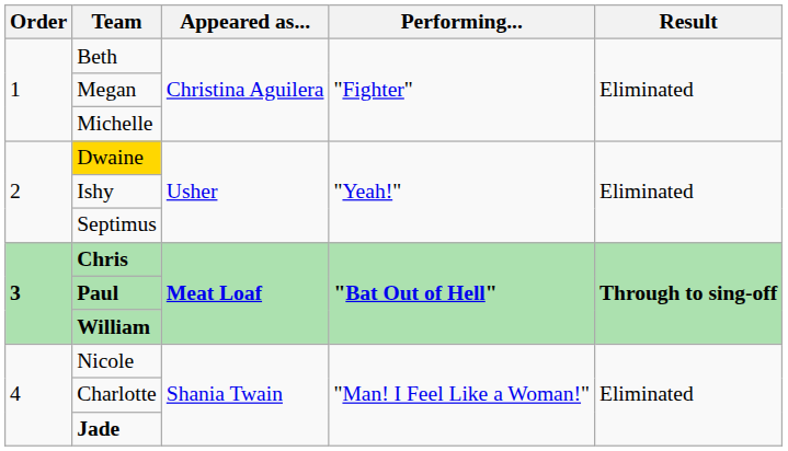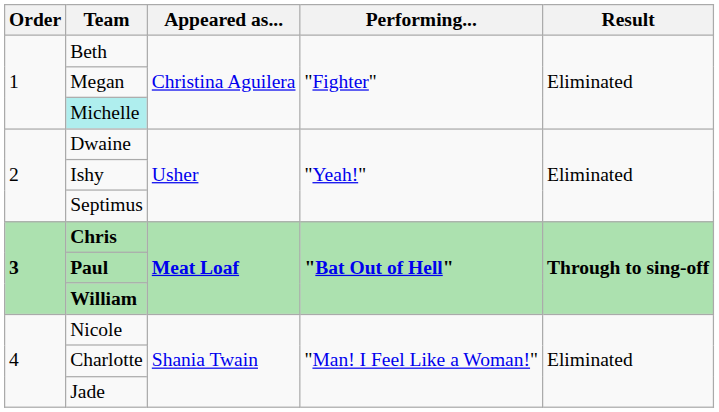 <table class="wikitable">
 <tr>
 <th>Order</th>
 <th>Team</th>
 <th>Appeared as...</th>
 <th>Performing...</th>
 <th>Result</th>
 </tr>
 <tr>
 <td rowspan="3">1</td>
 <td>Beth</td>
 <td rowspan="3"><a href='#'>Christina Aguilera</a></td>
 <td rowspan="3">"<a href='#'>Fighter</a>"</td>
 <td rowspan="3">Eliminated</td>
 </tr>
 <tr>
 <td>Megan</td>
 </tr>
 <tr>
-<td>Michelle</td>
+<td style="background: paleturquoise;">Michelle</td>
 </tr>
 <tr>
 <td rowspan="3">2</td>
-<td style="background: gold;">Dwaine</td>
+<td>Dwaine</td>
 <td rowspan="3"><a href='#'>Usher</a></td>
 <td rowspan="3">"<a href='#'>Yeah!</a>"</td>
 <td rowspan="3">Eliminated</td>
 </tr>
 <tr>
 <td>Ishy</td>
 </tr>
 <tr>
 <td>Septimus</td>
 </tr>
 <tr style="background:#ACE1AF;">
 <td rowspan="3"><strong>3</strong></td>
 <td><strong>Chris</strong></td>
 <td rowspan="3"><strong><a href='#'>Meat Loaf</a></strong></td>
 <td rowspan="3"><strong>"<a href='#'>Bat Out of Hell</a>"</strong></td>
 <td rowspan="3"><strong>Through to sing-off</strong></td>
 </tr>
 <tr>
 <td style="background:#ACE1AF;"><strong>Paul</strong></td>
 </tr>
 <tr>
 <td style="background:#ACE1AF;"><strong>William</strong></td>
 </tr>
 <tr>
 <td rowspan="3">4</td>
 <td>Nicole</td>
 <td rowspan="3"><a href='#'>Shania Twain</a></td>
 <td rowspan="3">"<a href='#'>Man! I Feel Like a Woman!</a>"</td>
 <td rowspan="3">Eliminated</td>
 </tr>
 <tr>
 <td>Charlotte</td>
 </tr>
 <tr>
-<td><strong>Jade</strong></td>
+<td>Jade</td>
 </tr>
 </table>
